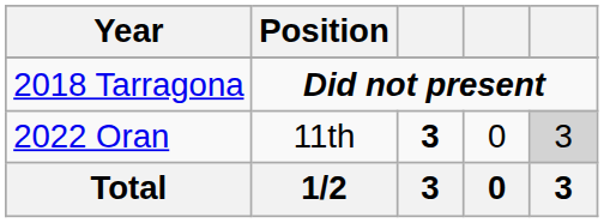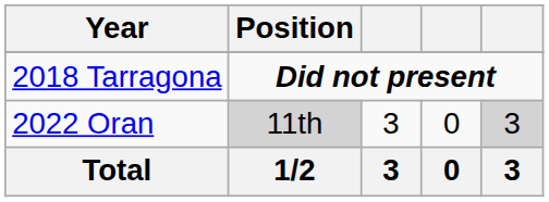 <table class="wikitable" style="text-align: center;">
 <tr>
 <th>Year</th>
 <th>Position</th>
 <th width=25px></th>
 <th width=25px></th>
 <th width=25px></th>
 </tr>
 <tr bgcolor="#FFD700">
 </tr>
 <tr>
 <td style="text-align: left;"> <a href='#'>2018 Tarragona</a></td>
 <td rowspan="1" colspan="4" style="text-align:center;"><strong><em>Did not present</em></strong></td>
 </tr>
 <tr>
 <td style="text-align: left;"> <a href='#'>2022 Oran</a></td>
-<td>11th</td>
-<td><strong>3</strong></td>
+<td style="background: lightgrey;">11th</td>
+<td>3</td>
 <td>0</td>
 <td style="background: lightgrey;">3</td>
 </tr>
 <tr>
 <th>Total</th>
 <th>1/2</th>
 <th>3</th>
 <th>0</th>
 <th>3</th>
 </tr>
 </table>
